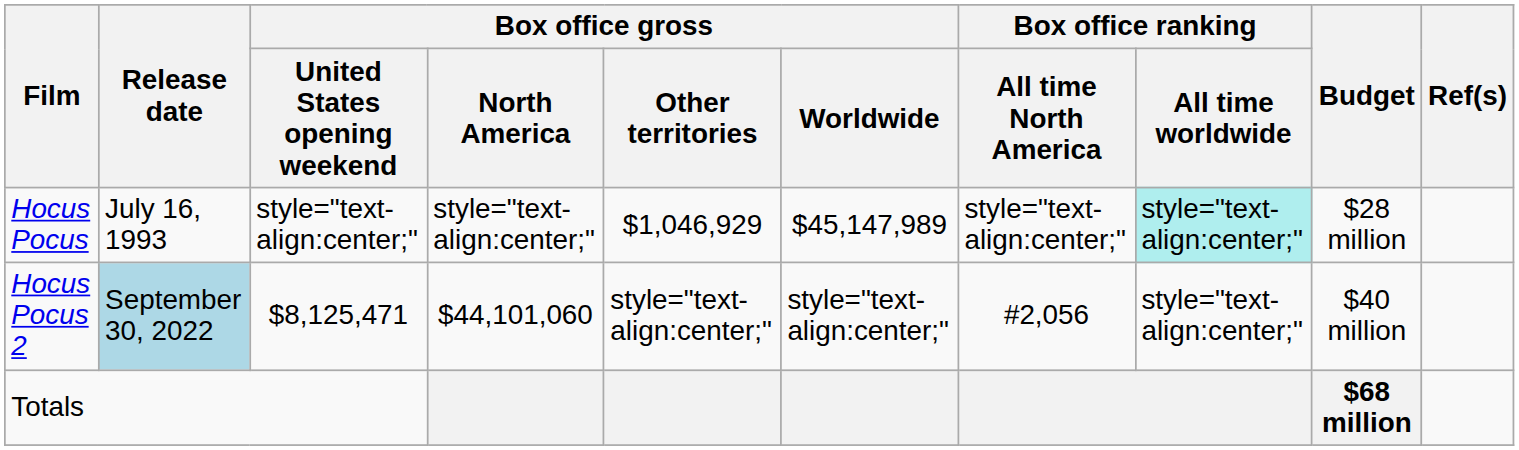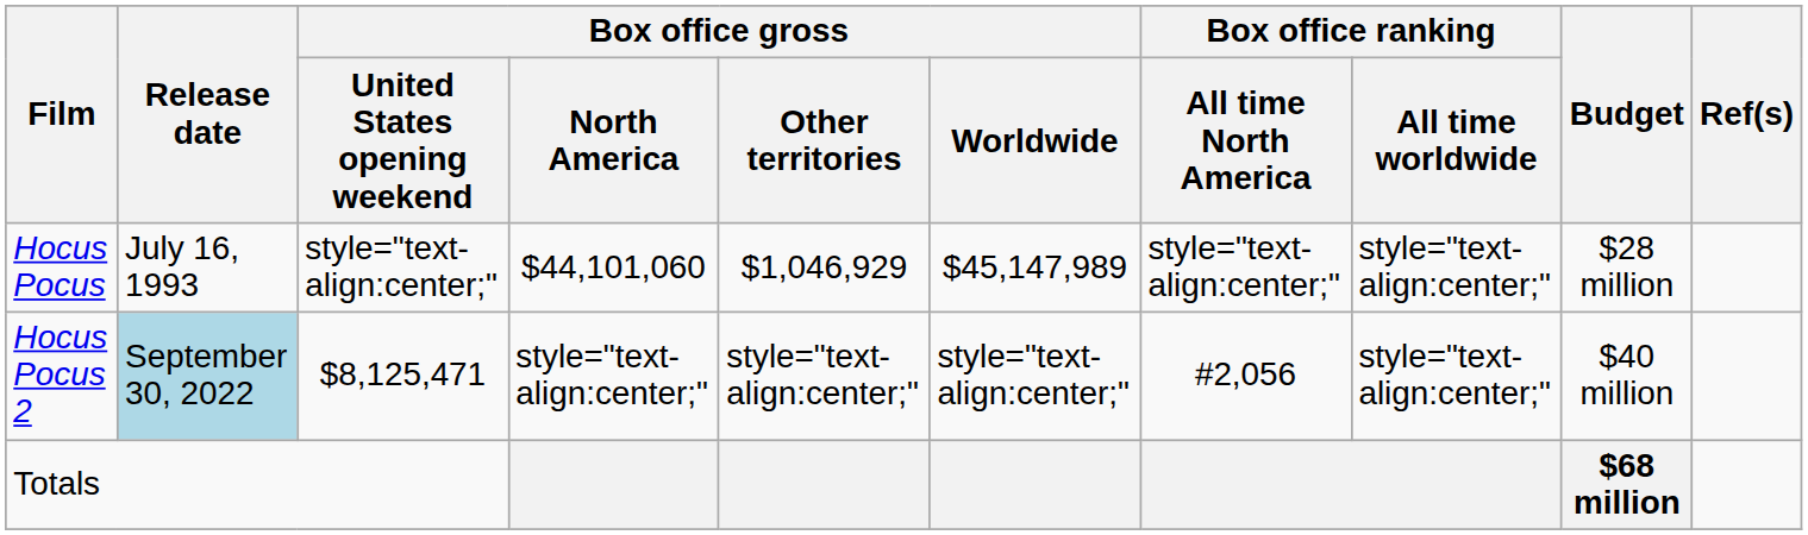 <table class="wikitable">
 <tr>
 <th rowspan="2">Film</th>
 <th rowspan="2">Release date</th>
 <th colspan="4">Box office gross</th>
 <th colspan="2">Box office ranking</th>
 <th rowspan="2">Budget</th>
 <th rowspan="2">Ref(s)</th>
 </tr>
 <tr>
 <th>United States <br>opening weekend</th>
 <th>North America</th>
 <th>Other <br>territories</th>
 <th>Worldwide</th>
 <th>All time<br>North America</th>
 <th>All time<br>worldwide</th>
 </tr>
 <tr>
 <td><em><a href='#'>Hocus Pocus</a></em></td>
 <td>July 16, 1993</td>
 <td>style="text-align:center;" </td>
-<td>style="text-align:center;" </td>
+<td style="text-align:center;">$44,101,060</td>
 <td style="text-align:center;">$1,046,929</td>
 <td style="text-align:center;">$45,147,989</td>
 <td>style="text-align:center;" </td>
-<td style="background: paleturquoise;">style="text-align:center;" </td>
+<td>style="text-align:center;" </td>
 <td style="text-align:center;">$28 million</td>
 <td></td>
 </tr>
 <tr>
 <td><em><a href='#'>Hocus Pocus 2</a></em></td>
 <td style="background: lightblue;">September 30, 2022</td>
 <td style="text-align:center;">$8,125,471</td>
-<td style="text-align:center;">$44,101,060</td>
+<td>style="text-align:center;" </td>
 <td>style="text-align:center;" </td>
 <td>style="text-align:center;" </td>
 <td style="text-align:center;">#2,056</td>
 <td>style="text-align:center;" </td>
 <td style="text-align:center;">$40 million</td>
 <td></td>
 </tr>
 <tr>
 <td colspan="3">Totals</td>
 <th></th>
 <th></th>
 <th></th>
 <th colspan="2"></th>
 <th>$68 million</th>
 <td></td>
 </tr>
 </table>
